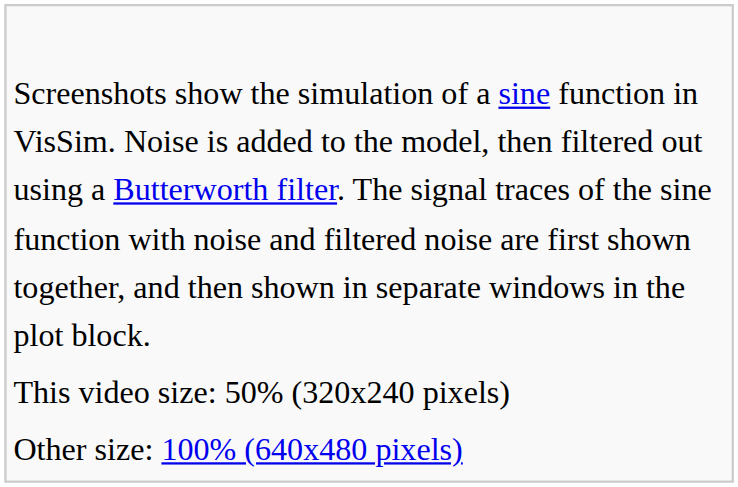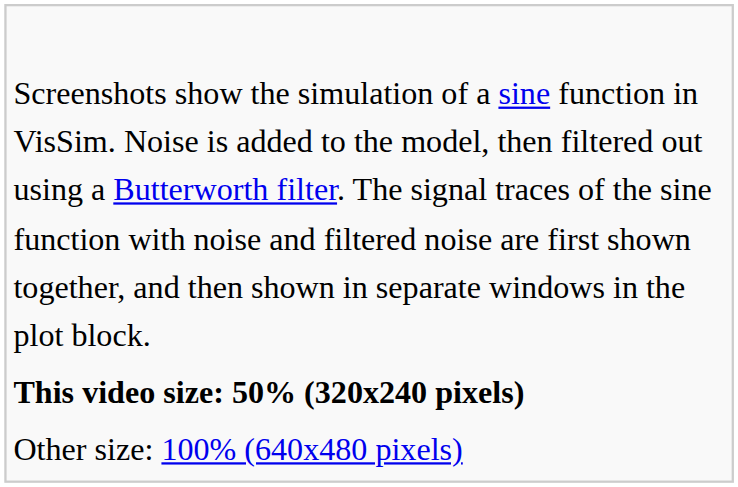 <table style="width:320px; float:right; border:1px solid #ccc; background:#f9f9f9; font-size:88%; line-height:1.5em;">
 <tr>
 <td></td>
 </tr>
 <tr>
 <td><br>Screenshots show the simulation of a <a href='#'>sine</a> function in VisSim. Noise is added to the model, then filtered out using a <a href='#'>Butterworth filter</a>. The signal traces of the sine function with noise and filtered noise are first shown together, and then shown in separate windows in the plot block.</td>
 </tr>
 <tr>
-<td>This video size: 50% (320x240 pixels)</td>
+<td><strong>This video size: 50% (320x240 pixels)</strong></td>
 </tr>
 <tr>
 <td>Other size: <a href='#'>100% (640x480 pixels)</a></td>
 </tr>
 </table>
